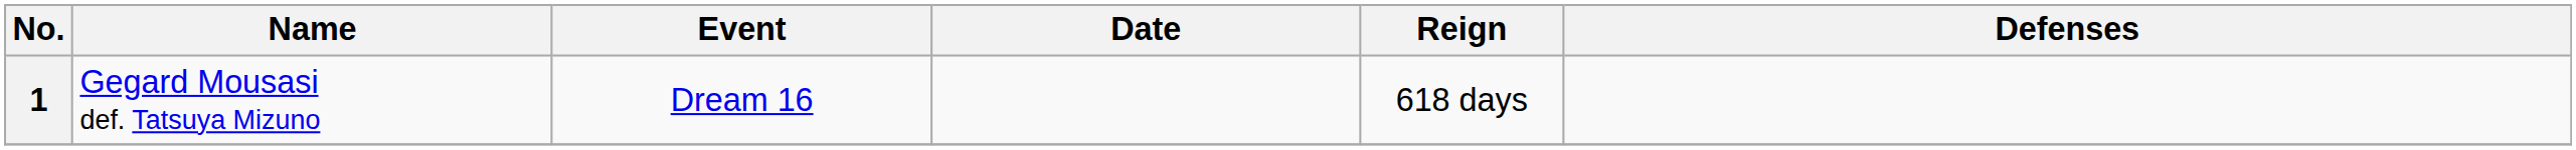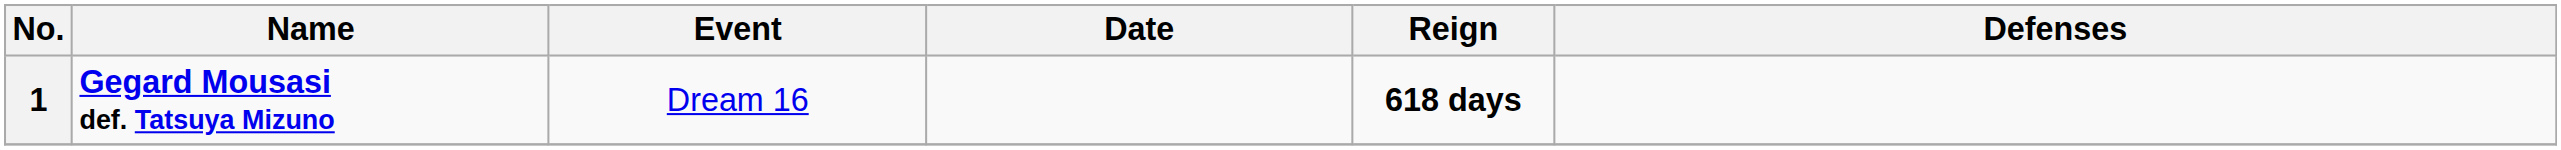 <table class="wikitable" width=100%>
 <tr>
 <th width=1%>No.</th>
 <th width=19%>Name</th>
 <th width=15%>Event</th>
 <th width=17%>Date</th>
 <th width=8%>Reign</th>
 <th width=40%>Defenses</th>
 </tr>
 <tr>
 <th>1</th>
-<td align=left> <a href='#'>Gegard Mousasi</a><br><small>def. <a href='#'>Tatsuya Mizuno</a></small></td>
+<td align=left><strong> <a href='#'>Gegard Mousasi</a><br><small>def. <a href='#'>Tatsuya Mizuno</a></small></strong></td>
 <td align=center><a href='#'>Dream 16</a><br></td>
 <td align=center></td>
-<td align="center">618 days</td>
+<td align="center"><strong>618 days</strong></td>
 <td><small></small><br></td>
 </tr>
 <tr>
 </tr>
 </table>
